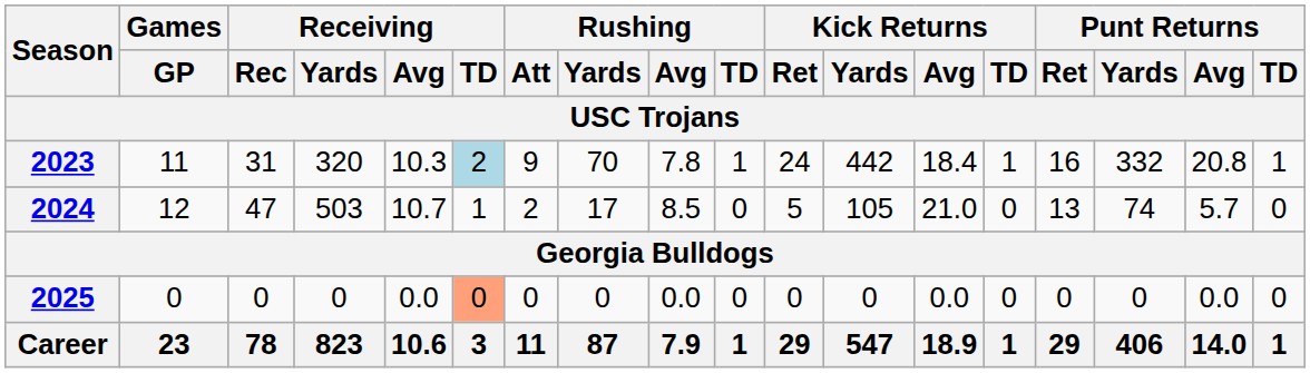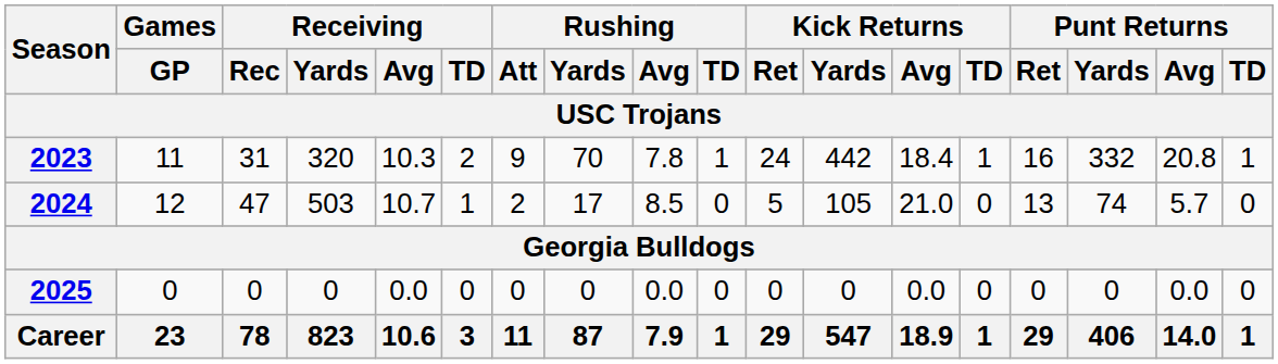 <table class="wikitable" style="text-align:center;">
 <tr>
 <th rowspan="2">Season</th>
 <th>Games</th>
 <th colspan="4">Receiving</th>
 <th colspan="4">Rushing</th>
 <th colspan="4">Kick Returns</th>
 <th colspan="4">Punt Returns</th>
 </tr>
 <tr>
 <th>GP</th>
 <th>Rec</th>
 <th>Yards</th>
 <th>Avg</th>
 <th>TD</th>
 <th>Att</th>
 <th>Yards</th>
 <th>Avg</th>
 <th>TD</th>
 <th>Ret</th>
 <th>Yards</th>
 <th>Avg</th>
 <th>TD</th>
 <th>Ret</th>
 <th>Yards</th>
 <th>Avg</th>
 <th>TD</th>
 </tr>
 <tr>
 <th colspan="20">USC Trojans</th>
 </tr>
 <tr>
 <th><a href='#'>2023</a></th>
 <td>11</td>
 <td>31</td>
 <td>320</td>
 <td>10.3</td>
-<td style="background: lightblue;">2</td>
+<td>2</td>
 <td>9</td>
 <td>70</td>
 <td>7.8</td>
 <td>1</td>
 <td>24</td>
 <td>442</td>
 <td>18.4</td>
 <td>1</td>
 <td>16</td>
 <td>332</td>
 <td>20.8</td>
 <td>1</td>
 </tr>
 <tr>
 <th><a href='#'>2024</a></th>
 <td>12</td>
 <td>47</td>
 <td>503</td>
 <td>10.7</td>
 <td>1</td>
 <td>2</td>
 <td>17</td>
 <td>8.5</td>
 <td>0</td>
 <td>5</td>
 <td>105</td>
 <td>21.0</td>
 <td>0</td>
 <td>13</td>
 <td>74</td>
 <td>5.7</td>
 <td>0</td>
 </tr>
 <tr>
 <th colspan="20">Georgia Bulldogs</th>
 </tr>
 <tr>
 <th><a href='#'>2025</a></th>
 <td>0</td>
 <td>0</td>
 <td>0</td>
 <td>0.0</td>
-<td style="background: lightsalmon;">0</td>
+<td>0</td>
 <td>0</td>
 <td>0</td>
 <td>0.0</td>
 <td>0</td>
 <td>0</td>
 <td>0</td>
 <td>0.0</td>
 <td>0</td>
 <td>0</td>
 <td>0</td>
 <td>0.0</td>
 <td>0</td>
 </tr>
 <tr>
 <th>Career</th>
 <th>23</th>
 <th>78</th>
 <th>823</th>
 <th>10.6</th>
 <th>3</th>
 <th>11</th>
 <th>87</th>
 <th>7.9</th>
 <th>1</th>
 <th>29</th>
 <th>547</th>
 <th>18.9</th>
 <th>1</th>
 <th>29</th>
 <th>406</th>
 <th>14.0</th>
 <th>1</th>
 </tr>
 </table>
